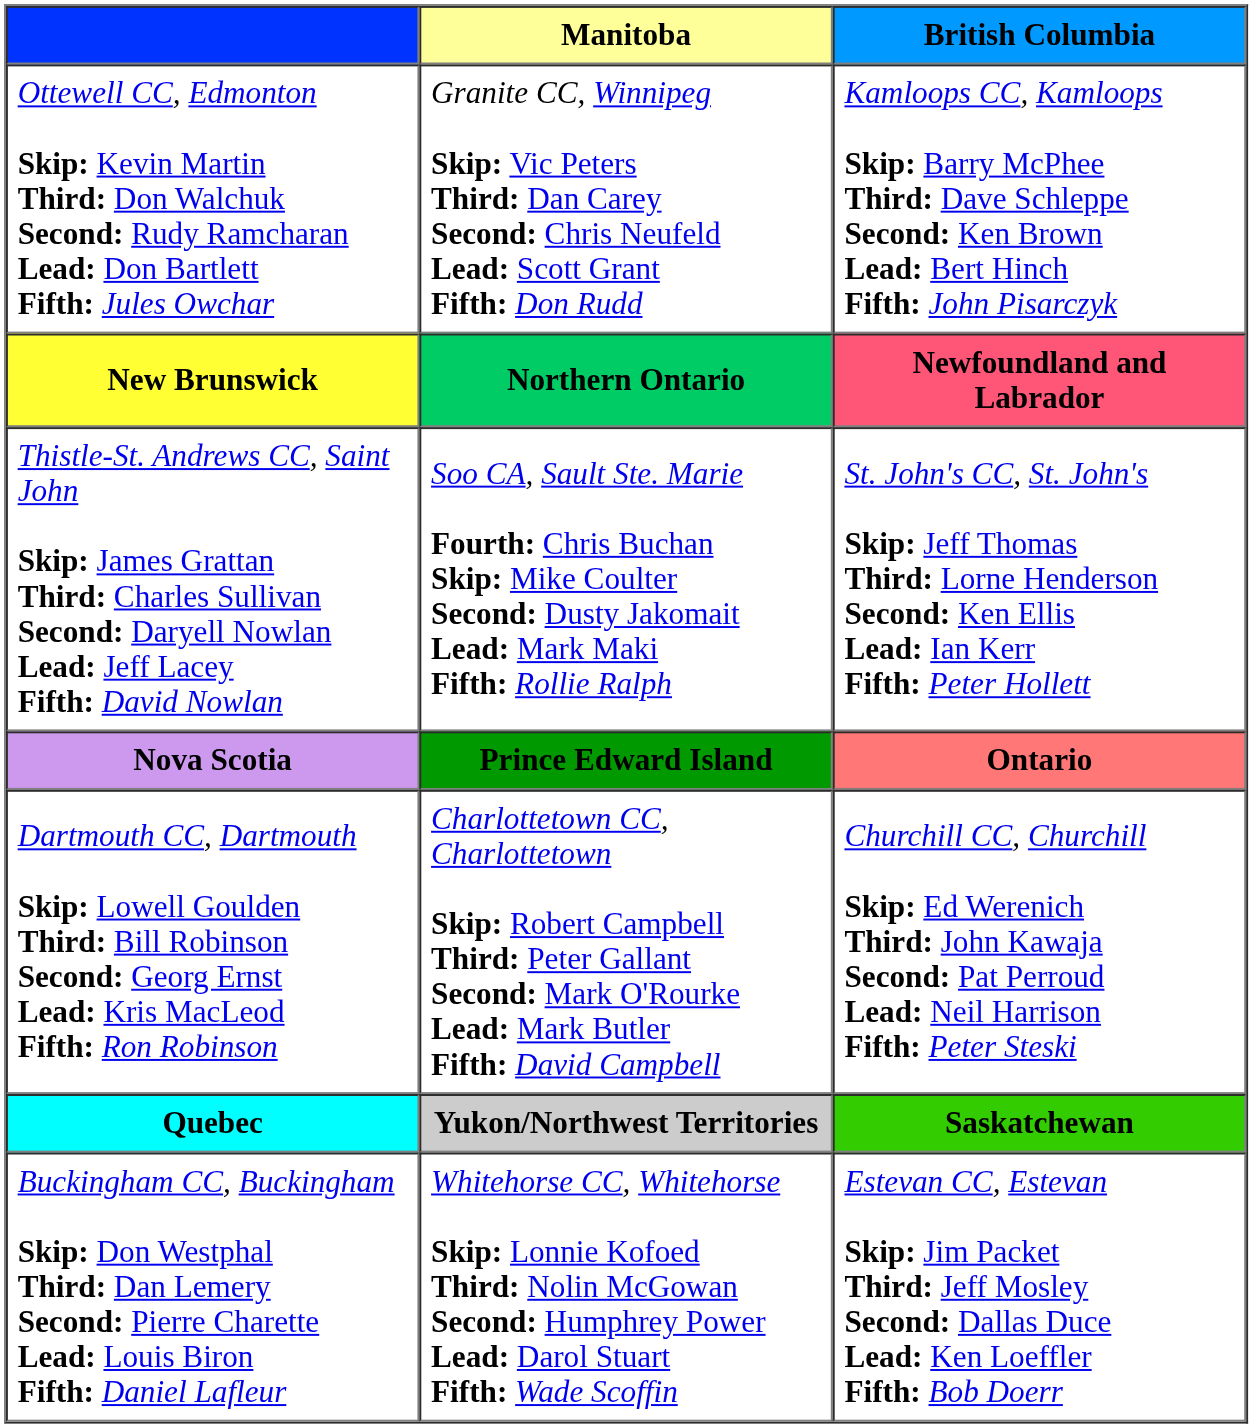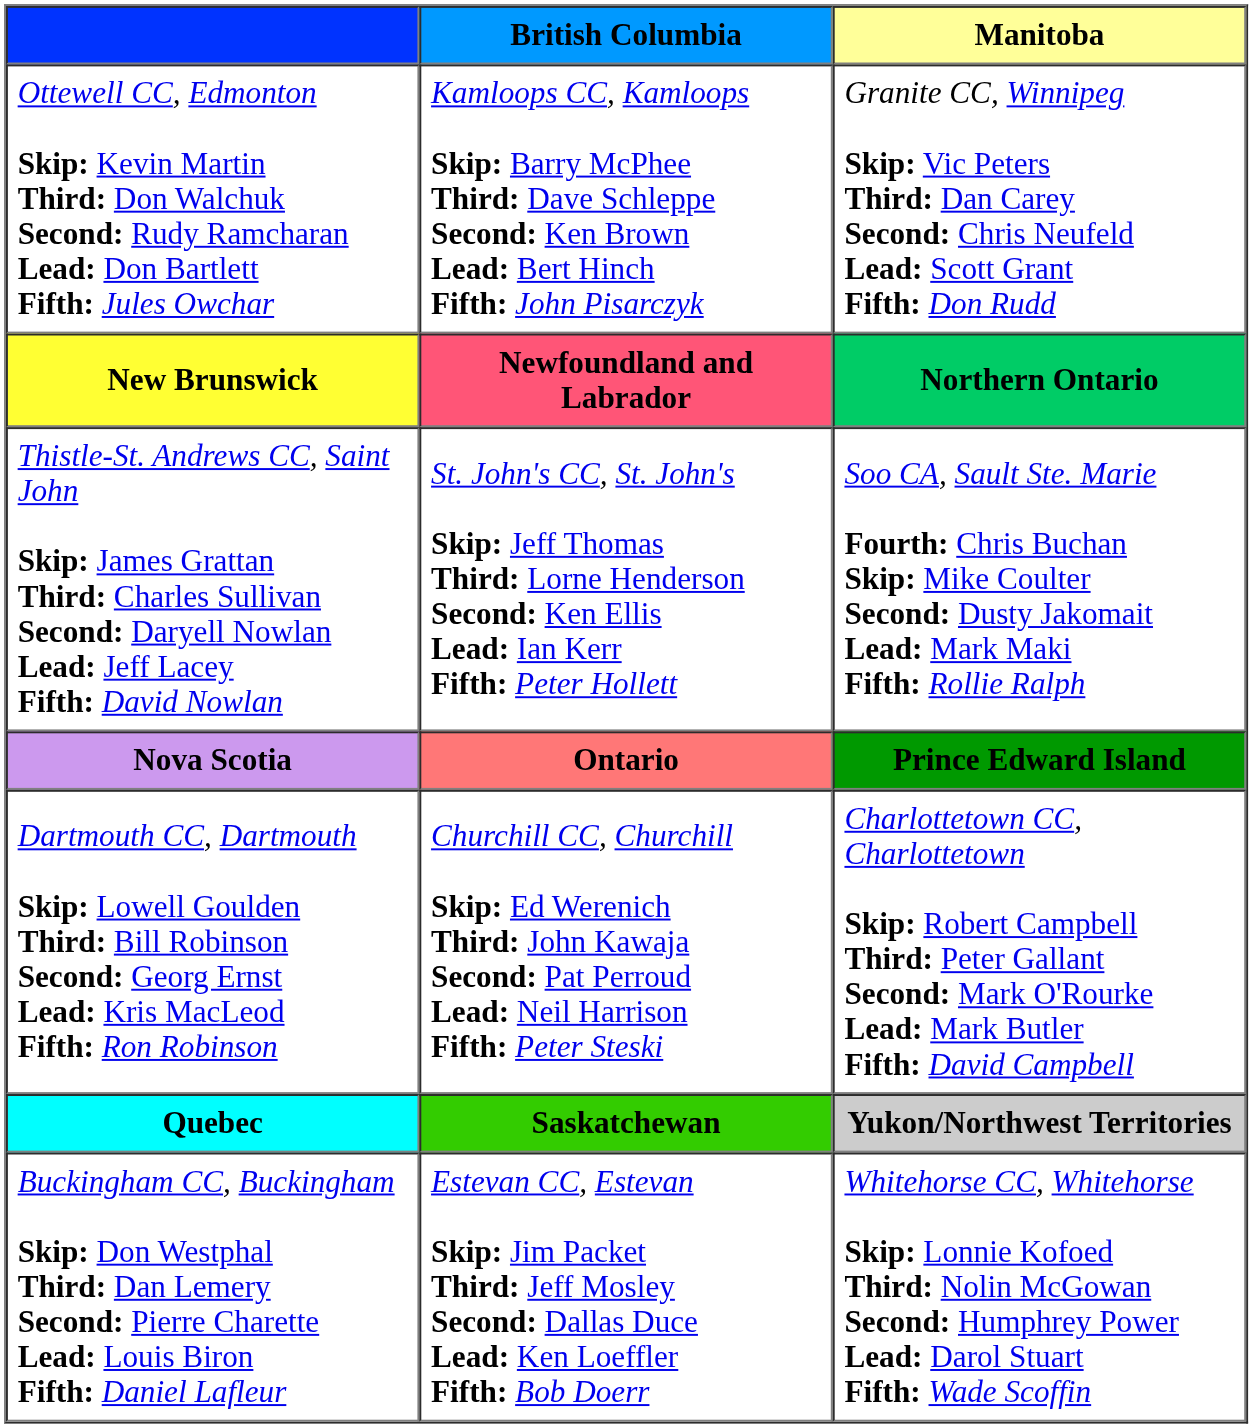 <table border=1 cellpadding=5 cellspacing=0>
 <tr>
 <th bgcolor=#0033ff width=200></th>
+<th bgcolor=#0099ff width=200>British Columbia</th>
 <th bgcolor=#ffff99 width=200>Manitoba</th>
-<th bgcolor=#0099ff width=200>British Columbia</th>
 </tr>
 <tr>
 <td><em><a href='#'>Ottewell CC</a>, <a href='#'>Edmonton</a></em><br><br><strong>Skip:</strong> <a href='#'>Kevin Martin</a> <br> <strong>Third:</strong> <a href='#'>Don Walchuk</a> <br> <strong>Second:</strong> <a href='#'>Rudy Ramcharan</a> <br> <strong>Lead:</strong> <a href='#'>Don Bartlett</a> <br> <strong>Fifth:</strong> <em><a href='#'>Jules Owchar</a></em></td>
+<td><em><a href='#'>Kamloops CC</a>, <a href='#'>Kamloops</a></em><br><br><strong>Skip:</strong> <a href='#'>Barry McPhee</a><br>  <strong>Third:</strong> <a href='#'>Dave Schleppe</a><br> <strong>Second:</strong> <a href='#'>Ken Brown</a><br> <strong>Lead:</strong> <a href='#'>Bert Hinch</a> <br> <strong>Fifth:</strong> <em><a href='#'>John Pisarczyk</a></em></td>
 <td><em>Granite CC, <a href='#'>Winnipeg</a></em><br><br><strong>Skip:</strong> <a href='#'>Vic Peters</a> <br> <strong>Third:</strong> <a href='#'>Dan Carey</a> <br> <strong>Second:</strong> <a href='#'>Chris Neufeld</a> <br> <strong>Lead:</strong> <a href='#'>Scott Grant</a> <br> <strong>Fifth:</strong> <em><a href='#'>Don Rudd</a></em></td>
-<td><em><a href='#'>Kamloops CC</a>, <a href='#'>Kamloops</a></em><br><br><strong>Skip:</strong> <a href='#'>Barry McPhee</a><br>  <strong>Third:</strong> <a href='#'>Dave Schleppe</a><br> <strong>Second:</strong> <a href='#'>Ken Brown</a><br> <strong>Lead:</strong> <a href='#'>Bert Hinch</a> <br> <strong>Fifth:</strong> <em><a href='#'>John Pisarczyk</a></em></td>
 </tr>
 <tr border=1 cellpadding=5 cellspacing=0>
 <th bgcolor=#ffff33 width=200>New Brunswick</th>
+<th bgcolor=#ff5577 width=200>Newfoundland and Labrador</th>
 <th bgcolor=#00CC66 width=200>Northern Ontario</th>
-<th bgcolor=#ff5577 width=200>Newfoundland and Labrador</th>
 </tr>
 <tr>
 <td><em><a href='#'>Thistle-St. Andrews CC</a>, <a href='#'>Saint John</a></em><br><br><strong>Skip:</strong> <a href='#'>James Grattan</a><br> <strong>Third:</strong> <a href='#'>Charles Sullivan</a><br> <strong>Second:</strong> <a href='#'>Daryell Nowlan</a><br> <strong>Lead:</strong> <a href='#'>Jeff Lacey</a> <br> <strong>Fifth:</strong> <em><a href='#'>David Nowlan</a></em></td>
+<td><em><a href='#'>St. John's CC</a>, <a href='#'>St. John's</a></em><br><br><strong>Skip:</strong> <a href='#'>Jeff Thomas</a><br> <strong>Third:</strong> <a href='#'>Lorne Henderson</a><br> <strong>Second:</strong> <a href='#'>Ken Ellis</a><br> <strong>Lead:</strong> <a href='#'>Ian Kerr</a> <br> <strong>Fifth:</strong> <em><a href='#'>Peter Hollett</a></em></td>
 <td><em><a href='#'>Soo CA</a>, <a href='#'>Sault Ste. Marie</a></em><br><br><strong>Fourth:</strong> <a href='#'>Chris Buchan</a><br> <strong>Skip:</strong> <a href='#'>Mike Coulter</a><br> <strong>Second:</strong> <a href='#'>Dusty Jakomait</a><br> <strong>Lead:</strong> <a href='#'>Mark Maki</a> <br> <strong>Fifth:</strong> <em><a href='#'>Rollie Ralph</a></em></td>
-<td><em><a href='#'>St. John's CC</a>, <a href='#'>St. John's</a></em><br><br><strong>Skip:</strong> <a href='#'>Jeff Thomas</a><br> <strong>Third:</strong> <a href='#'>Lorne Henderson</a><br> <strong>Second:</strong> <a href='#'>Ken Ellis</a><br> <strong>Lead:</strong> <a href='#'>Ian Kerr</a> <br> <strong>Fifth:</strong> <em><a href='#'>Peter Hollett</a></em></td>
 </tr>
 <tr border=1 cellpadding=5 cellspacing=0>
 <th bgcolor=#cc99ee width=200>Nova Scotia</th>
+<th bgcolor=#ff7777 width=200>Ontario</th>
 <th bgcolor=#009900 width=200>Prince Edward Island</th>
-<th bgcolor=#ff7777 width=200>Ontario</th>
 </tr>
 <tr>
 <td><em><a href='#'>Dartmouth CC</a>, <a href='#'>Dartmouth</a></em><br><br><strong>Skip:</strong> <a href='#'>Lowell Goulden</a> <br> <strong>Third:</strong> <a href='#'>Bill Robinson</a> <br> <strong>Second:</strong> <a href='#'>Georg Ernst</a> <br> <strong>Lead:</strong> <a href='#'>Kris MacLeod</a> <br> <strong>Fifth:</strong> <em><a href='#'>Ron Robinson</a></em></td>
+<td><em><a href='#'>Churchill CC</a>, <a href='#'>Churchill</a></em><br><br><strong>Skip:</strong> <a href='#'>Ed Werenich</a> <br> <strong>Third:</strong> <a href='#'>John Kawaja</a> <br> <strong>Second:</strong> <a href='#'>Pat Perroud</a> <br> <strong>Lead:</strong> <a href='#'>Neil Harrison</a> <br> <strong>Fifth:</strong> <em><a href='#'>Peter Steski</a></em></td>
 <td><em><a href='#'>Charlottetown CC</a>, <a href='#'>Charlottetown</a></em><br><br><strong>Skip:</strong> <a href='#'>Robert Campbell</a> <br> <strong>Third:</strong> <a href='#'>Peter Gallant</a><br> <strong>Second:</strong> <a href='#'>Mark O'Rourke</a><br> <strong>Lead:</strong> <a href='#'>Mark Butler</a><br> <strong>Fifth:</strong> <em><a href='#'>David Campbell</a></em></td>
-<td><em><a href='#'>Churchill CC</a>, <a href='#'>Churchill</a></em><br><br><strong>Skip:</strong> <a href='#'>Ed Werenich</a> <br> <strong>Third:</strong> <a href='#'>John Kawaja</a> <br> <strong>Second:</strong> <a href='#'>Pat Perroud</a> <br> <strong>Lead:</strong> <a href='#'>Neil Harrison</a> <br> <strong>Fifth:</strong> <em><a href='#'>Peter Steski</a></em></td>
 </tr>
 <tr border=1 cellpadding=5 cellspacing=0>
 <th bgcolor=#00ffff width=200>Quebec</th>
+<th bgcolor=#33cc00 width=200>Saskatchewan</th>
 <th bgcolor=#cccccc width=200>Yukon/Northwest Territories</th>
-<th bgcolor=#33cc00 width=200>Saskatchewan</th>
 </tr>
 <tr>
 <td><em><a href='#'>Buckingham CC</a>, <a href='#'>Buckingham</a></em><br><br><strong>Skip:</strong> <a href='#'>Don Westphal</a><br> <strong>Third:</strong> <a href='#'>Dan Lemery</a><br> <strong>Second:</strong> <a href='#'>Pierre Charette</a> <br> <strong>Lead:</strong> <a href='#'>Louis Biron</a> <br> <strong>Fifth:</strong> <em><a href='#'>Daniel Lafleur</a></em></td>
+<td><em><a href='#'>Estevan CC</a>, <a href='#'>Estevan</a></em><br><br><strong>Skip:</strong> <a href='#'>Jim Packet</a><br> <strong>Third:</strong> <a href='#'>Jeff Mosley</a><br> <strong>Second:</strong> <a href='#'>Dallas Duce</a><br> <strong>Lead:</strong> <a href='#'>Ken Loeffler</a><br> <strong>Fifth:</strong> <em><a href='#'>Bob Doerr</a></em></td>
 <td><em><a href='#'>Whitehorse CC</a>, <a href='#'>Whitehorse</a></em><br><br><strong>Skip:</strong> <a href='#'>Lonnie Kofoed</a> <br> <strong>Third:</strong> <a href='#'>Nolin McGowan</a><br> <strong>Second:</strong> <a href='#'>Humphrey Power</a> <br> <strong>Lead:</strong> <a href='#'>Darol Stuart</a><br> <strong>Fifth:</strong> <em><a href='#'>Wade Scoffin</a></em></td>
-<td><em><a href='#'>Estevan CC</a>, <a href='#'>Estevan</a></em><br><br><strong>Skip:</strong> <a href='#'>Jim Packet</a><br> <strong>Third:</strong> <a href='#'>Jeff Mosley</a><br> <strong>Second:</strong> <a href='#'>Dallas Duce</a><br> <strong>Lead:</strong> <a href='#'>Ken Loeffler</a><br> <strong>Fifth:</strong> <em><a href='#'>Bob Doerr</a></em></td>
 </tr>
 </table>
